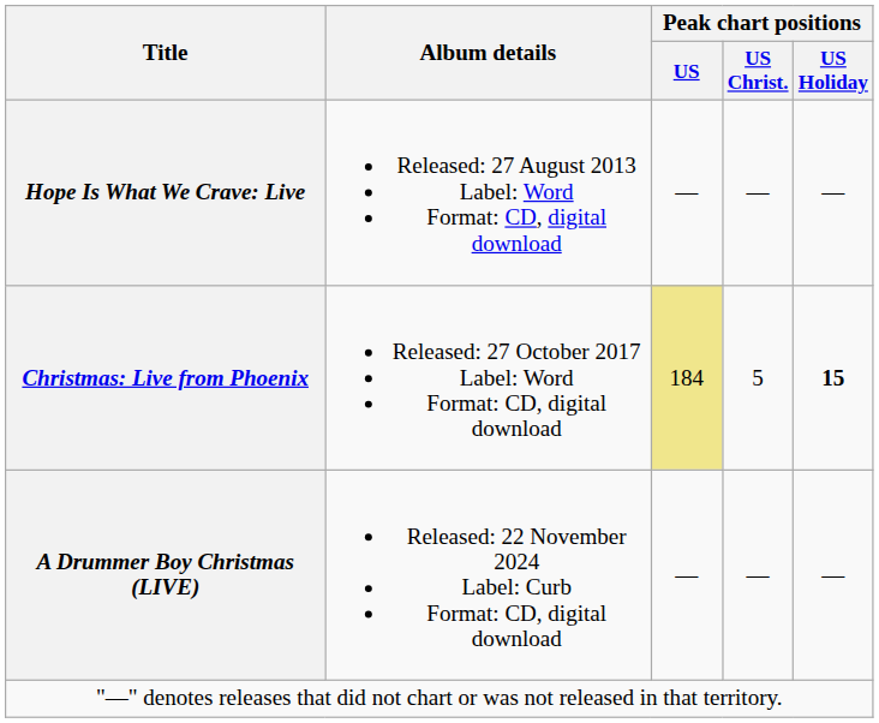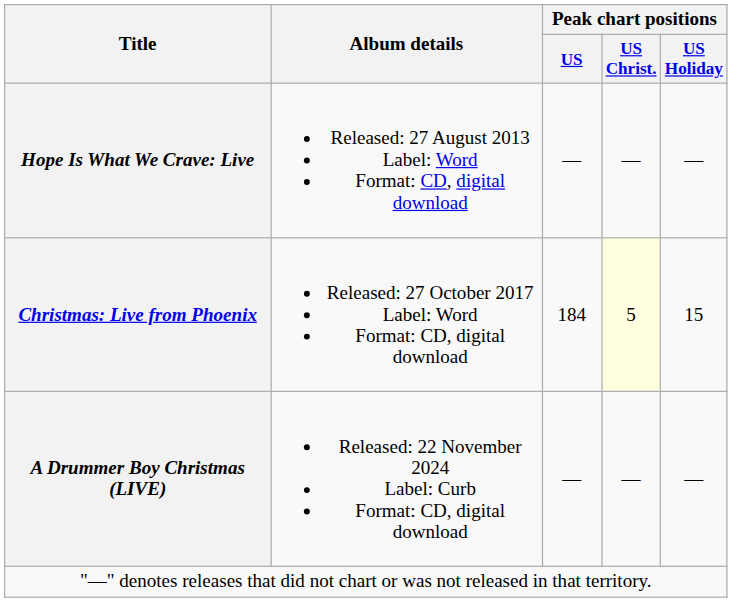 <table class="wikitable plainrowheaders" style="text-align:center;">
 <tr>
 <th rowspan="2">Title</th>
 <th rowspan="2">Album details</th>
 <th colspan="3">Peak chart positions</th>
 </tr>
 <tr>
 <th style="width:3em; font-size:90%"><a href='#'>US</a><br></th>
 <th style="width:3em; font-size:90%"><a href='#'>US<br>Christ.</a><br></th>
 <th style="width:3em; font-size:90%"><a href='#'>US<br>Holiday</a><br></th>
 </tr>
 <tr>
 <th scope="row"><em>Hope Is What We Crave: Live</em></th>
 <td><br><ul><li>Released: 27 August 2013</li><li>Label: <a href='#'>Word</a></li><li>Format: <a href='#'>CD</a>, <a href='#'>digital download</a></li></ul></td>
 <td>—</td>
 <td>—</td>
 <td>—</td>
 </tr>
 <tr>
 <th scope="row"><em><a href='#'>Christmas: Live from Phoenix</a></em></th>
 <td><br><ul><li>Released: 27 October 2017</li><li>Label: Word</li><li>Format: CD, digital download</li></ul></td>
-<td style="background: khaki;">184</td>
-<td>5</td>
-<td><strong>15</strong></td>
+<td>184</td>
+<td style="background: lightyellow;">5</td>
+<td>15</td>
 </tr>
 <tr>
 <th scope = "row"><em>A Drummer Boy Christmas (LIVE)</em></th>
 <td><br><ul><li>Released: 22 November 2024</li><li>Label: Curb</li><li>Format: CD, digital download</li></ul></td>
 <td>—</td>
 <td>—</td>
 <td>—</td>
 </tr>
 <tr>
 <td colspan="6" style="text-align:center;">"—" denotes releases that did not chart or was not released in that territory.</td>
 </tr>
 </table>
